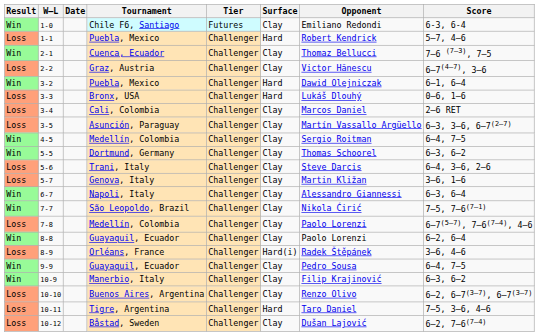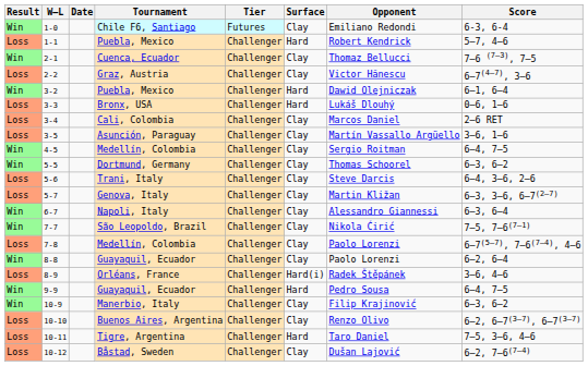 <table class="sortable wikitable">
 <tr>
 <th>Result</th>
 <th class="unsortable">W–L</th>
 <th>Date</th>
 <th>Tournament</th>
 <th>Tier</th>
 <th>Surface</th>
 <th>Opponent</th>
 <th class="unsortable">Score</th>
 </tr>
 <tr>
 <td bgcolor=98FB98>Win</td>
 <td><small>1-0</small></td>
 <td></td>
 <td style="background:#cffcff;">Chile F6, <a href='#'>Santiago</a></td>
 <td style="background:#cffcff;">Futures</td>
 <td>Clay</td>
 <td> Emiliano Redondi</td>
 <td>6-3, 6-4</td>
 </tr>
 <tr>
 <td bgcolor=FFA07A>Loss</td>
 <td><small>1-1</small></td>
 <td></td>
 <td style="background:moccasin;"><a href='#'>Puebla</a>, Mexico</td>
 <td style="background:moccasin;">Challenger</td>
 <td>Hard</td>
 <td> <a href='#'>Robert Kendrick</a></td>
 <td>5–7, 4–6</td>
 </tr>
 <tr>
 <td bgcolor=98FB98>Win</td>
 <td><small>2-1</small></td>
 <td></td>
 <td style="background:moccasin;"><a href='#'>Cuenca, Ecuador</a></td>
 <td style="background:moccasin;">Challenger</td>
 <td>Clay</td>
 <td> <a href='#'>Thomaz Bellucci</a></td>
 <td>7–6 <sup>(7–3)</sup>, 7–5</td>
 </tr>
 <tr>
 <td bgcolor=FFA07A>Loss</td>
 <td><small>2-2</small></td>
 <td></td>
 <td style="background:moccasin;"><a href='#'>Graz</a>, Austria</td>
 <td style="background:moccasin;">Challenger</td>
 <td>Clay</td>
 <td> <a href='#'>Victor Hănescu</a></td>
 <td>6–7<sup>(4–7)</sup>, 3–6</td>
 </tr>
 <tr>
 <td bgcolor=98FB98>Win</td>
 <td><small>3-2</small></td>
 <td></td>
 <td style="background:moccasin;"><a href='#'>Puebla</a>, Mexico</td>
 <td style="background:moccasin;">Challenger</td>
 <td>Hard</td>
 <td> <a href='#'>Dawid Olejniczak</a></td>
 <td>6–1, 6–4</td>
 </tr>
 <tr>
 <td bgcolor=FFA07A>Loss</td>
 <td><small>3-3</small></td>
 <td></td>
 <td style="background:moccasin;"><a href='#'>Bronx</a>, USA</td>
 <td style="background:moccasin;">Challenger</td>
 <td>Hard</td>
 <td> <a href='#'>Lukáš Dlouhý</a></td>
 <td>0–6, 1–6</td>
 </tr>
 <tr>
 <td bgcolor=FFA07A>Loss</td>
 <td><small>3-4</small></td>
 <td></td>
 <td style="background:moccasin;"><a href='#'>Cali</a>, Colombia</td>
 <td style="background:moccasin;">Challenger</td>
 <td>Clay</td>
 <td> <a href='#'>Marcos Daniel</a></td>
 <td>2–6 RET</td>
 </tr>
 <tr>
 <td bgcolor=FFA07A>Loss</td>
 <td><small>3-5</small></td>
 <td></td>
 <td style="background:moccasin;"><a href='#'>Asunción</a>, Paraguay</td>
 <td style="background:moccasin;">Challenger</td>
 <td>Clay</td>
 <td> <a href='#'>Martín Vassallo Argüello</a></td>
-<td>6–3, 3–6, 6–7<sup>(2–7)</sup></td>
+<td>3–6, 1–6</td>
 </tr>
 <tr>
 <td bgcolor=98FB98>Win</td>
 <td><small>4-5</small></td>
 <td></td>
 <td style="background:moccasin;"><a href='#'>Medellín</a>, Colombia</td>
 <td style="background:moccasin;">Challenger</td>
 <td>Clay</td>
 <td> <a href='#'>Sergio Roitman</a></td>
 <td>6–4, 7–5</td>
 </tr>
 <tr>
 <td bgcolor=98FB98>Win</td>
 <td><small>5-5</small></td>
 <td><a href='#'></a></td>
 <td style="background:moccasin;"><a href='#'>Dortmund</a>, Germany</td>
 <td style="background:moccasin;">Challenger</td>
 <td>Clay</td>
 <td> <a href='#'>Thomas Schoorel</a></td>
 <td>6–3, 6–2</td>
 </tr>
 <tr>
 <td bgcolor=FFA07A>Loss</td>
 <td><small>5-6</small></td>
 <td><a href='#'></a></td>
 <td style="background:moccasin;"><a href='#'>Trani</a>, Italy</td>
 <td style="background:moccasin;">Challenger</td>
 <td>Clay</td>
 <td> <a href='#'>Steve Darcis</a></td>
 <td>6–4, 3–6, 2–6</td>
 </tr>
 <tr>
 <td bgcolor=FFA07A>Loss</td>
 <td><small>5-7</small></td>
 <td><a href='#'></a></td>
 <td style="background:moccasin;"><a href='#'>Genova</a>, Italy</td>
 <td style="background:moccasin;">Challenger</td>
 <td>Clay</td>
 <td> <a href='#'>Martin Kližan</a></td>
-<td>3–6, 1–6</td>
+<td>6–3, 3–6, 6–7<sup>(2–7)</sup></td>
 </tr>
 <tr>
 <td bgcolor=98FB98>Win</td>
 <td><small>6-7</small></td>
 <td><a href='#'></a></td>
 <td style="background:moccasin;"><a href='#'>Napoli</a>, Italy</td>
 <td style="background:moccasin;">Challenger</td>
 <td>Clay</td>
 <td> <a href='#'>Alessandro Giannessi</a></td>
 <td>6–3, 6–4</td>
 </tr>
 <tr>
 <td bgcolor=98FB98>Win</td>
 <td><small>7-7</small></td>
 <td><a href='#'></a></td>
 <td style="background:moccasin;"><a href='#'>São Leopoldo</a>, Brazil</td>
 <td style="background:moccasin;">Challenger</td>
 <td>Clay</td>
 <td> <a href='#'>Nikola Ćirić</a></td>
 <td>7–5, 7–6<sup>(7–1)</sup></td>
 </tr>
 <tr>
 <td bgcolor=FFA07A>Loss</td>
 <td><small>7-8</small></td>
 <td><a href='#'></a></td>
 <td style="background:moccasin;"><a href='#'>Medellín</a>, Colombia</td>
 <td style="background:moccasin;">Challenger</td>
 <td>Clay</td>
 <td> <a href='#'>Paolo Lorenzi</a></td>
 <td>6–7<sup>(5–7)</sup>, 7–6<sup>(7–4)</sup>, 4–6</td>
 </tr>
 <tr>
 <td bgcolor=98FB98>Win</td>
 <td><small>8-8</small></td>
 <td><a href='#'></a></td>
 <td style="background:moccasin;"><a href='#'>Guayaquil</a>, Ecuador</td>
 <td style="background:moccasin;">Challenger</td>
 <td>Clay</td>
 <td> Paolo Lorenzi</td>
 <td>6–2, 6–4</td>
 </tr>
 <tr>
 <td bgcolor=FFA07A>Loss</td>
 <td><small>8-9</small></td>
 <td><a href='#'></a></td>
 <td style="background:moccasin;"><a href='#'>Orléans</a>, France</td>
 <td style="background:moccasin;">Challenger</td>
 <td>Hard(i)</td>
 <td> <a href='#'>Radek Štěpánek</a></td>
 <td>3–6, 4–6</td>
 </tr>
 <tr>
 <td bgcolor=98FB98>Win</td>
 <td><small>9-9</small></td>
 <td><a href='#'></a></td>
 <td style="background:moccasin;"><a href='#'>Guayaquil</a>, Ecuador</td>
 <td style="background:moccasin;">Challenger</td>
-<td>Clay</td>
+<td>Hard</td>
 <td> <a href='#'>Pedro Sousa</a></td>
 <td>6–4, 7–5</td>
 </tr>
 <tr>
 <td bgcolor=98FB98>Win</td>
 <td><small>10-9</small></td>
 <td><a href='#'></a></td>
 <td style="background:moccasin;"><a href='#'>Manerbio</a>, Italy</td>
 <td style="background:moccasin;">Challenger</td>
 <td>Clay</td>
 <td> <a href='#'>Filip Krajinović</a></td>
 <td>6–3, 6–2</td>
 </tr>
 <tr>
 <td bgcolor=FFA07A>Loss</td>
 <td><small>10-10</small></td>
 <td><a href='#'></a></td>
 <td style="background:moccasin;"><a href='#'>Buenos Aires</a>, Argentina</td>
 <td style="background:moccasin;">Challenger</td>
 <td>Clay</td>
 <td> <a href='#'>Renzo Olivo</a></td>
 <td>6–2, 6–7<sup>(3–7)</sup>, 6–7<sup>(3–7)</sup></td>
 </tr>
 <tr>
 <td bgcolor=FFA07A>Loss</td>
 <td><small>10-11</small></td>
 <td><a href='#'></a></td>
 <td style="background:moccasin;"><a href='#'>Tigre</a>, Argentina</td>
 <td style="background:moccasin;">Challenger</td>
 <td>Hard</td>
 <td> <a href='#'>Taro Daniel</a></td>
 <td>7–5, 3–6, 4–6</td>
 </tr>
 <tr>
 <td bgcolor=FFA07A>Loss</td>
 <td><small>10-12</small></td>
 <td><a href='#'></a></td>
 <td style="background:moccasin;"><a href='#'>Båstad</a>, Sweden</td>
 <td style="background:moccasin;">Challenger</td>
 <td>Clay</td>
 <td> <a href='#'>Dušan Lajović</a></td>
 <td>6–2, 7–6<sup>(7–4)</sup></td>
 </tr>
 </table>
